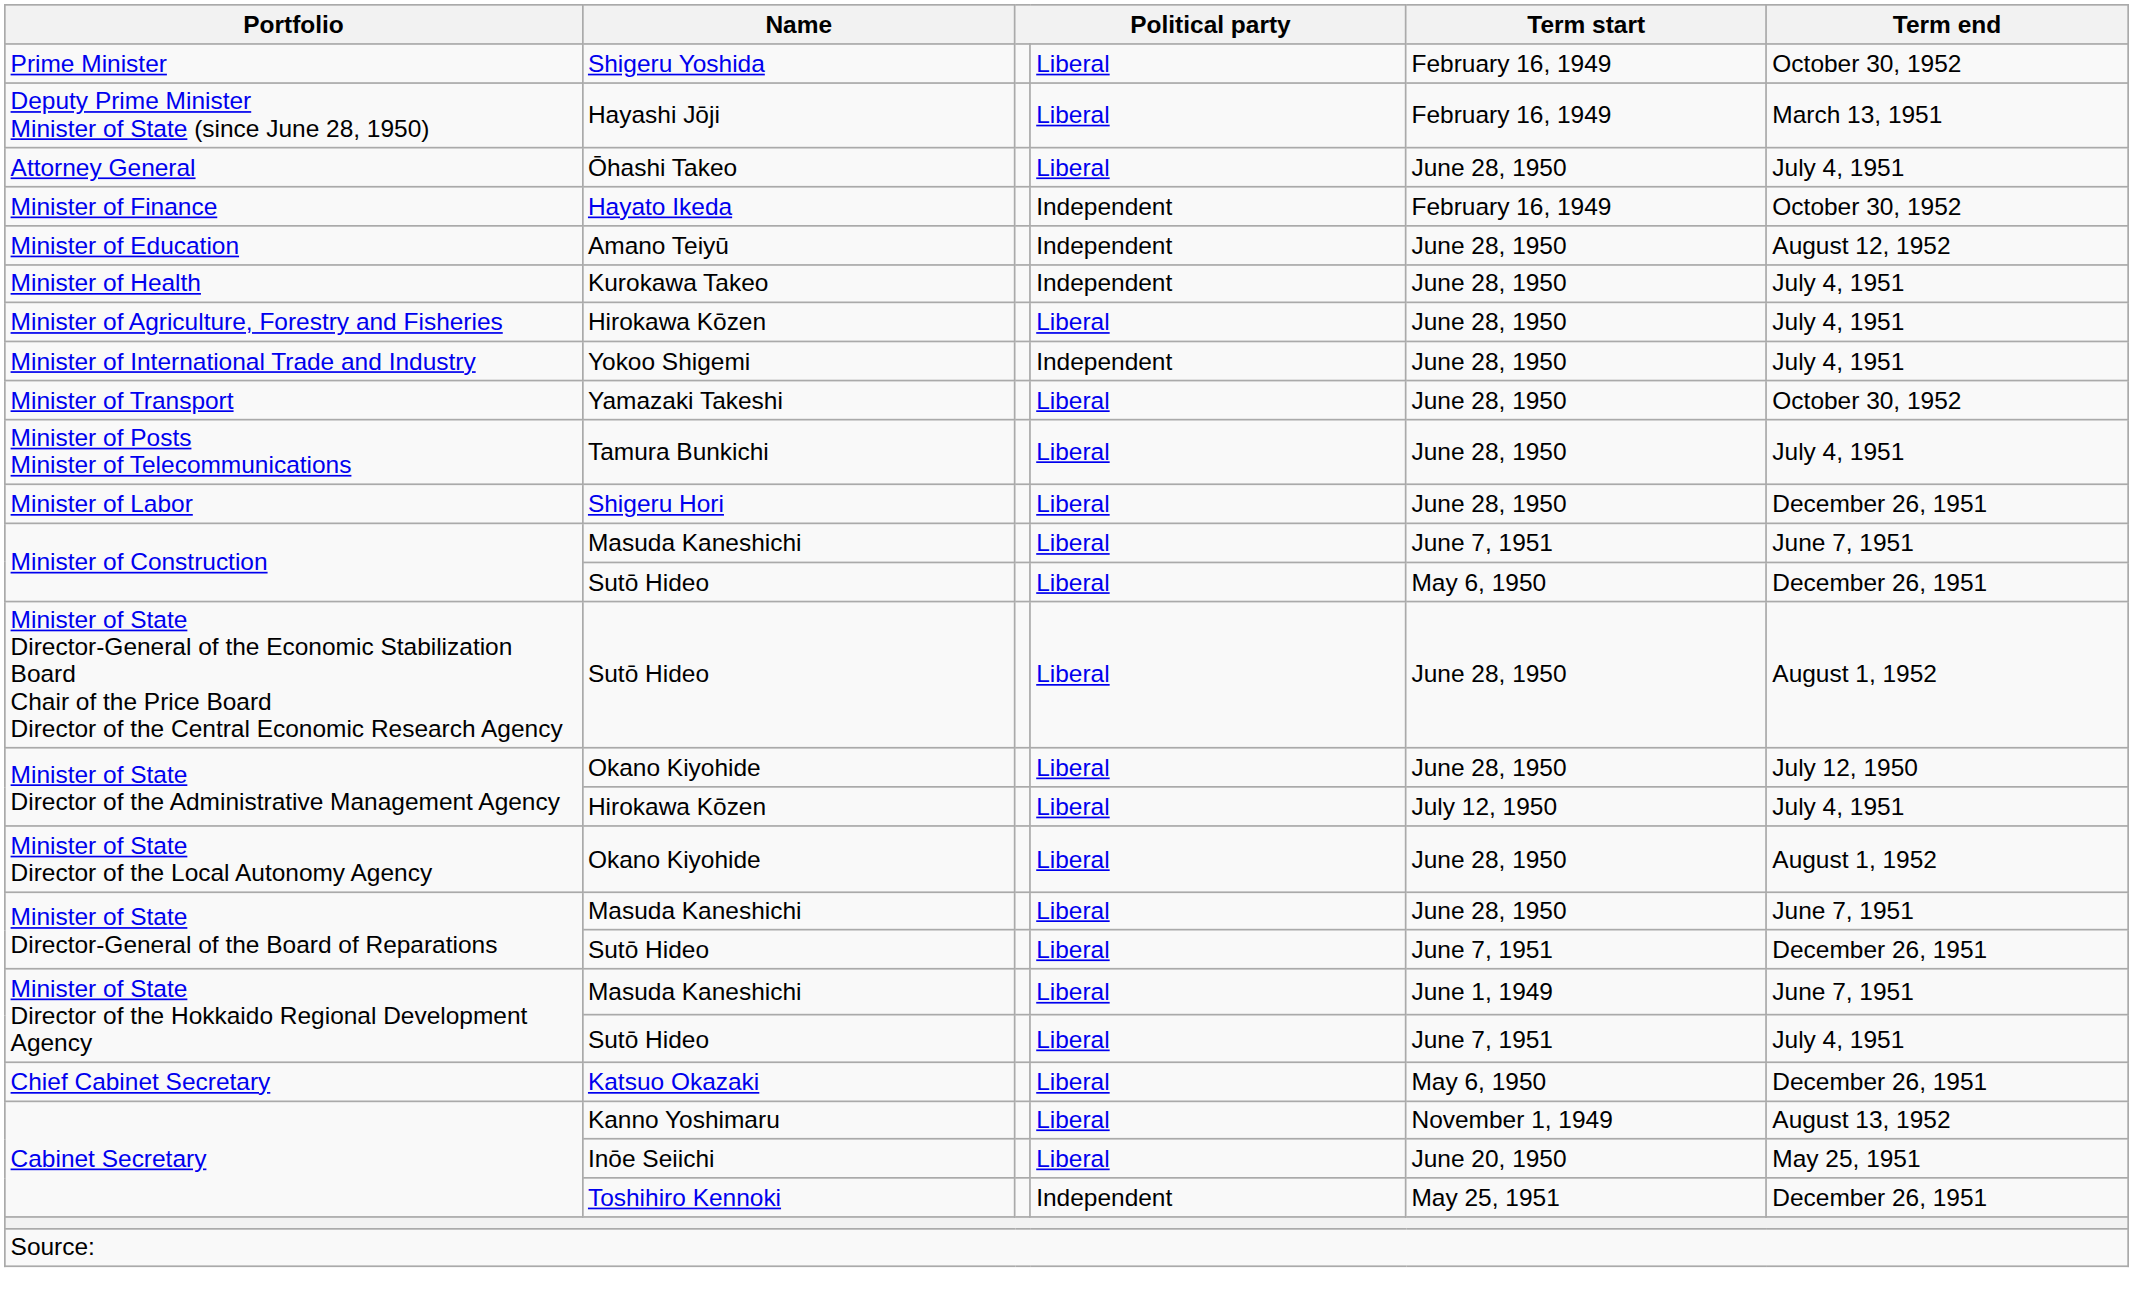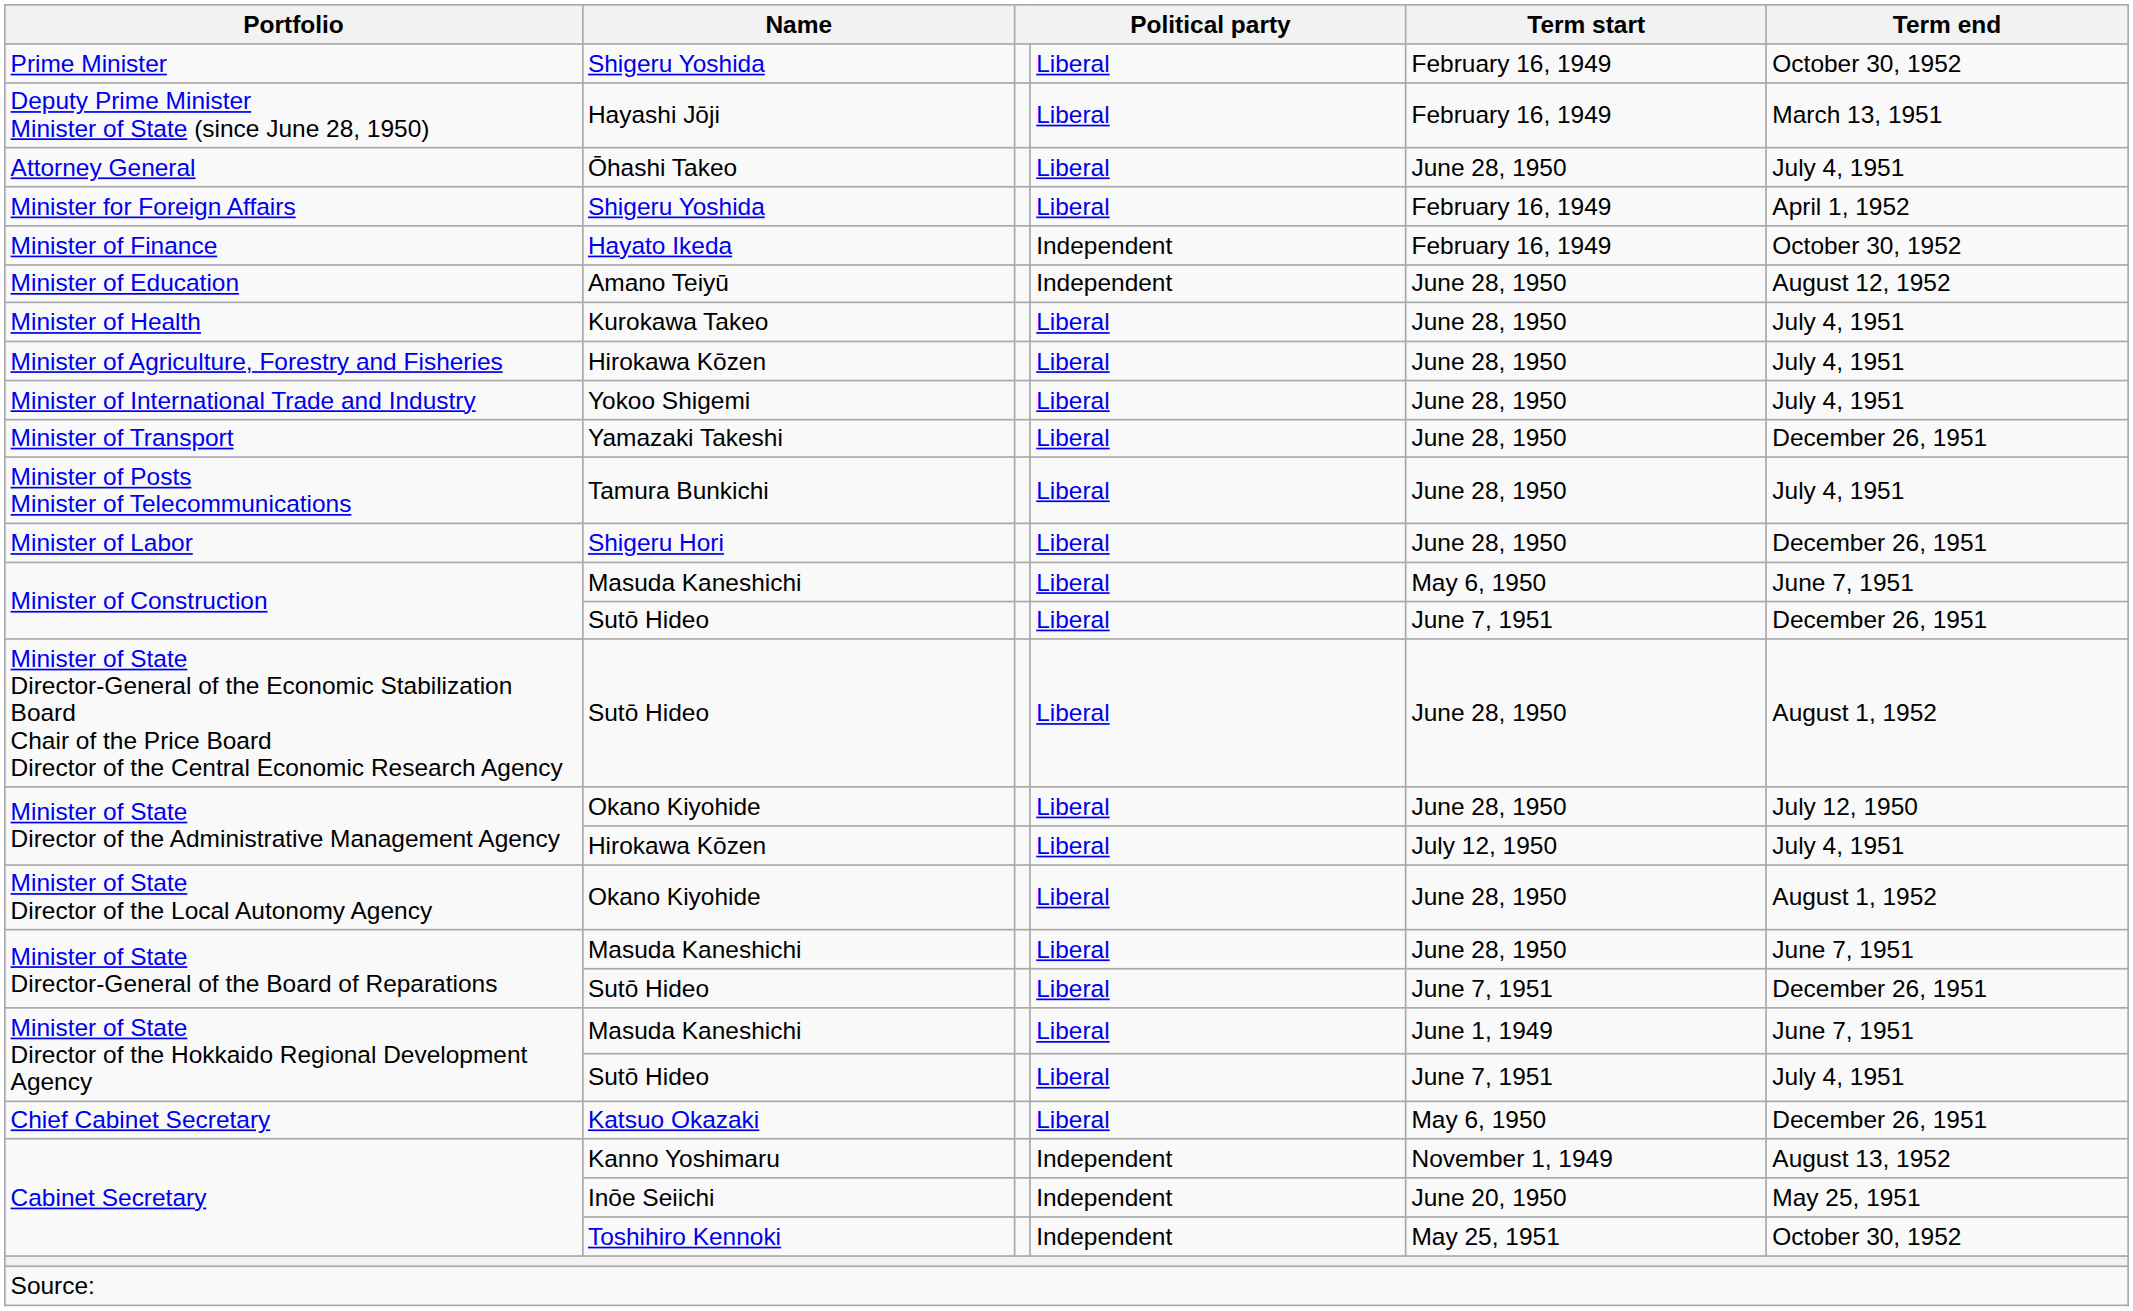 <table class="wikitable unsortable" style="font-size: 90%;">
 <tr>
 <th scope="col" width="20%">Portfolio</th>
 <th scope="col" width="15%">Name</th>
 <th colspan="2" scope="col" width="13.5%">Political party</th>
 <th scope="col" width="12.5%">Term start</th>
 <th scope="col" width="12.5%">Term end</th>
 </tr>
 <tr>
 <td style="text-align: left;"><a href='#'>Prime Minister</a></td>
 <td><a href='#'>Shigeru Yoshida</a></td>
 <td width="0.5%" style="background:"></td>
 <td><a href='#'>Liberal</a></td>
 <td>February 16, 1949</td>
 <td>October 30, 1952</td>
 </tr>
 <tr>
 <td><a href='#'>Deputy Prime Minister</a><br><a href='#'>Minister of State</a> (since June 28, 1950)</td>
 <td>Hayashi Jōji</td>
 <td style="color:inherit;background:"></td>
 <td><a href='#'>Liberal</a></td>
 <td>February 16, 1949</td>
 <td>March 13, 1951</td>
 </tr>
 <tr>
 <td><a href='#'>Attorney General</a></td>
 <td>Ōhashi Takeo</td>
 <td style="color:inherit;background:"></td>
 <td><a href='#'>Liberal</a></td>
 <td>June 28, 1950</td>
 <td>July 4, 1951</td>
 </tr>
 <tr>
+<td><a href='#'>Minister for Foreign Affairs</a></td>
+<td><a href='#'>Shigeru Yoshida</a></td>
+<td style="color:inherit;background:"></td>
+<td><a href='#'>Liberal</a></td>
+<td>February 16, 1949</td>
+<td>April 1, 1952</td>
+</tr>
+<tr>
 <td><a href='#'>Minister of Finance</a></td>
 <td><a href='#'>Hayato Ikeda</a></td>
 <td style="color:inherit;background:"></td>
 <td>Independent</td>
 <td>February 16, 1949</td>
 <td>October 30, 1952</td>
 </tr>
 <tr>
 <td><a href='#'>Minister of Education</a></td>
 <td>Amano Teiyū</td>
 <td style="color:inherit;background:"></td>
 <td>Independent</td>
 <td>June 28, 1950</td>
 <td>August 12, 1952</td>
 </tr>
 <tr>
 <td><a href='#'>Minister of Health</a></td>
 <td>Kurokawa Takeo</td>
 <td style="color:inherit;background:"></td>
-<td>Independent</td>
+<td><a href='#'>Liberal</a></td>
 <td>June 28, 1950</td>
 <td>July 4, 1951</td>
 </tr>
 <tr>
 <td><a href='#'>Minister of Agriculture, Forestry and Fisheries</a></td>
 <td>Hirokawa Kōzen</td>
 <td style="color:inherit;background:"></td>
 <td><a href='#'>Liberal</a></td>
 <td>June 28, 1950</td>
 <td>July 4, 1951</td>
 </tr>
 <tr>
 <td><a href='#'>Minister of International Trade and Industry</a></td>
 <td>Yokoo Shigemi</td>
 <td style="color:inherit;background:"></td>
-<td>Independent</td>
+<td><a href='#'>Liberal</a></td>
 <td>June 28, 1950</td>
 <td>July 4, 1951</td>
 </tr>
 <tr>
 <td><a href='#'>Minister of Transport</a></td>
 <td>Yamazaki Takeshi</td>
 <td style="color:inherit;background:"></td>
 <td><a href='#'>Liberal</a></td>
 <td>June 28, 1950</td>
-<td>October 30, 1952</td>
+<td>December 26, 1951</td>
 </tr>
 <tr>
 <td><a href='#'>Minister of Posts</a><br><a href='#'>Minister of Telecommunications</a></td>
 <td>Tamura Bunkichi</td>
 <td style="color:inherit;background:"></td>
 <td><a href='#'>Liberal</a></td>
 <td>June 28, 1950</td>
 <td>July 4, 1951</td>
 </tr>
 <tr>
 <td><a href='#'>Minister of Labor</a></td>
 <td><a href='#'>Shigeru Hori</a></td>
 <td style="color:inherit;background:"></td>
 <td><a href='#'>Liberal</a></td>
 <td>June 28, 1950</td>
 <td>December 26, 1951</td>
 </tr>
 <tr>
 <td rowspan="2"><a href='#'>Minister of Construction</a></td>
 <td>Masuda Kaneshichi</td>
 <td style="color:inherit;background:"></td>
 <td><a href='#'>Liberal</a></td>
-<td>June 7, 1951</td>
+<td>May 6, 1950</td>
 <td>June 7, 1951</td>
 </tr>
 <tr>
 <td>Sutō Hideo</td>
 <td style="color:inherit;background:"></td>
 <td><a href='#'>Liberal</a></td>
-<td>May 6, 1950</td>
+<td>June 7, 1951</td>
 <td>December 26, 1951</td>
 </tr>
 <tr>
 <td><a href='#'>Minister of State</a><br>Director-General of the Economic Stabilization Board<br>Chair of the Price Board<br>Director of the Central Economic Research Agency</td>
 <td>Sutō Hideo</td>
 <td style="color:inherit;background:"></td>
 <td><a href='#'>Liberal</a></td>
 <td>June 28, 1950</td>
 <td>August 1, 1952</td>
 </tr>
 <tr>
 <td rowspan="2"><a href='#'>Minister of State</a><br>Director of the Administrative Management Agency</td>
 <td>Okano Kiyohide</td>
 <td style="color:inherit;background:"></td>
 <td><a href='#'>Liberal</a></td>
 <td>June 28, 1950</td>
 <td>July 12, 1950</td>
 </tr>
 <tr>
 <td>Hirokawa Kōzen</td>
 <td style="color:inherit;background:"></td>
 <td><a href='#'>Liberal</a></td>
 <td>July 12, 1950</td>
 <td>July 4, 1951</td>
 </tr>
 <tr>
 <td><a href='#'>Minister of State</a><br>Director of the Local Autonomy Agency</td>
 <td>Okano Kiyohide</td>
 <td style="color:inherit;background:"></td>
 <td><a href='#'>Liberal</a></td>
 <td>June 28, 1950</td>
 <td>August 1, 1952</td>
 </tr>
 <tr>
 <td rowspan="2"><a href='#'>Minister of State</a><br>Director-General of the Board of Reparations</td>
 <td>Masuda Kaneshichi</td>
 <td style="color:inherit;background:"></td>
 <td><a href='#'>Liberal</a></td>
 <td>June 28, 1950</td>
 <td>June 7, 1951</td>
 </tr>
 <tr>
 <td>Sutō Hideo</td>
 <td style="color:inherit;background:"></td>
 <td><a href='#'>Liberal</a></td>
 <td>June 7, 1951</td>
 <td>December 26, 1951</td>
 </tr>
 <tr>
 <td rowspan="2"><a href='#'>Minister of State</a><br>Director of the Hokkaido Regional Development Agency</td>
 <td>Masuda Kaneshichi</td>
 <td style="color:inherit;background:"></td>
 <td><a href='#'>Liberal</a></td>
 <td>June 1, 1949</td>
 <td>June 7, 1951</td>
 </tr>
 <tr>
 <td>Sutō Hideo</td>
 <td style="color:inherit;background:"></td>
 <td><a href='#'>Liberal</a></td>
 <td>June 7, 1951</td>
 <td>July 4, 1951</td>
 </tr>
 <tr>
 <td><a href='#'>Chief Cabinet Secretary</a></td>
 <td><a href='#'>Katsuo Okazaki</a></td>
 <td style="color:inherit;background:"></td>
 <td><a href='#'>Liberal</a></td>
 <td>May 6, 1950</td>
 <td>December 26, 1951</td>
 </tr>
 <tr>
 <td rowspan="3"><a href='#'>Cabinet Secretary</a></td>
 <td>Kanno Yoshimaru</td>
 <td style="color:inherit;background:"></td>
-<td><a href='#'>Liberal</a></td>
+<td>Independent</td>
 <td>November 1, 1949</td>
 <td>August 13, 1952</td>
 </tr>
 <tr>
 <td>Inōe Seiichi</td>
 <td style="color:inherit;background:"></td>
-<td><a href='#'>Liberal</a></td>
+<td>Independent</td>
 <td>June 20, 1950</td>
 <td>May 25, 1951</td>
 </tr>
 <tr>
 <td><a href='#'>Toshihiro Kennoki</a></td>
 <td style="color:inherit;background:"></td>
 <td>Independent</td>
 <td>May 25, 1951</td>
-<td>December 26, 1951</td>
+<td>October 30, 1952</td>
 </tr>
 <tr>
 <th colspan="6"></th>
 </tr>
 <tr>
 <td colspan="6">Source:</td>
 </tr>
 </table>
